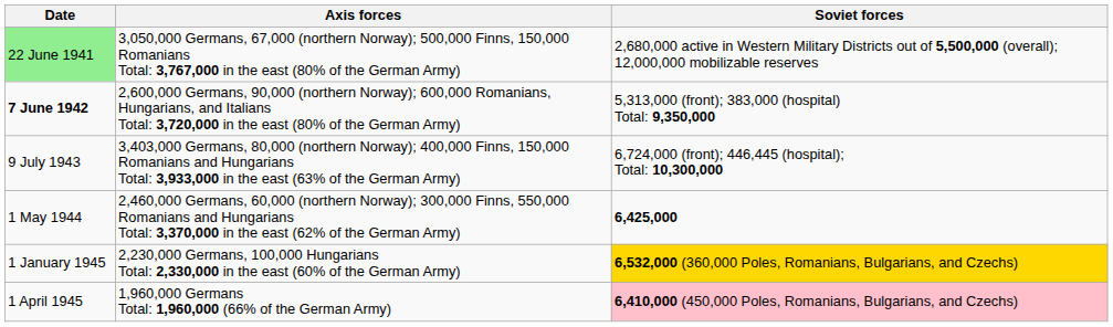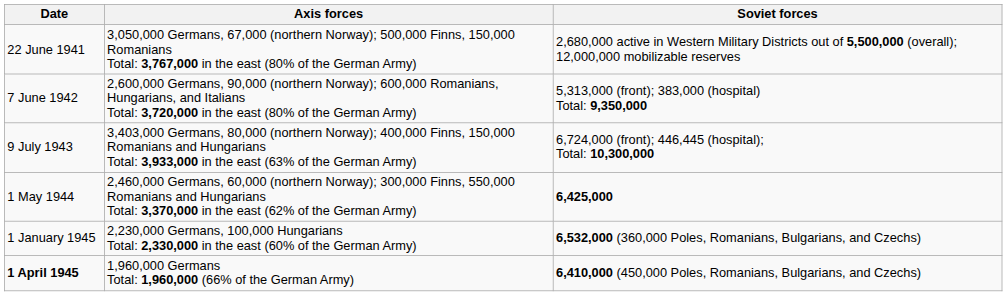 <table class="wikitable">
 <tr>
 <th style="width: 10%;">Date</th>
 <th style="width: 45%;">Axis forces</th>
 <th style="width: 45%;">Soviet forces</th>
 </tr>
 <tr>
-<td style="background: lightgreen;">22 June 1941</td>
+<td>22 June 1941</td>
 <td>3,050,000 Germans, 67,000 (northern Norway); 500,000 Finns, 150,000 Romanians<br>Total: <strong>3,767,000</strong> in the east (80% of the German Army)</td>
 <td>2,680,000 active in Western Military Districts out of <strong>5,500,000</strong> (overall); 12,000,000 mobilizable reserves</td>
 </tr>
 <tr>
-<td><strong>7 June 1942</strong></td>
+<td>7 June 1942</td>
 <td>2,600,000 Germans, 90,000 (northern Norway); 600,000 Romanians, Hungarians, and Italians<br>Total: <strong>3,720,000</strong> in the east (80% of the German Army)</td>
 <td>5,313,000 (front); 383,000 (hospital)<br>Total: <strong>9,350,000</strong></td>
 </tr>
 <tr>
 <td>9 July 1943</td>
 <td>3,403,000 Germans, 80,000 (northern Norway); 400,000 Finns, 150,000 Romanians and Hungarians<br>Total: <strong>3,933,000</strong> in the east (63% of the German Army)</td>
 <td>6,724,000 (front); 446,445 (hospital);<br>Total: <strong>10,300,000</strong></td>
 </tr>
 <tr>
 <td>1 May 1944</td>
 <td>2,460,000 Germans, 60,000 (northern Norway); 300,000 Finns, 550,000 Romanians and Hungarians<br>Total: <strong>3,370,000</strong> in the east (62% of the German Army)</td>
 <td><strong>6,425,000</strong></td>
 </tr>
 <tr>
 <td>1 January 1945</td>
 <td>2,230,000 Germans, 100,000 Hungarians<br>Total: <strong>2,330,000</strong> in the east (60% of the German Army)</td>
-<td style="background: gold;"><strong>6,532,000</strong> (360,000 Poles, Romanians, Bulgarians, and Czechs)</td>
+<td><strong>6,532,000</strong> (360,000 Poles, Romanians, Bulgarians, and Czechs)</td>
 </tr>
 <tr>
-<td>1 April 1945</td>
+<td><strong>1 April 1945</strong></td>
 <td>1,960,000 Germans<br>Total: <strong>1,960,000</strong> (66% of the German Army)</td>
-<td style="background: pink;"><strong>6,410,000</strong> (450,000 Poles, Romanians, Bulgarians, and Czechs)</td>
+<td><strong>6,410,000</strong> (450,000 Poles, Romanians, Bulgarians, and Czechs)</td>
 </tr>
 </table>
